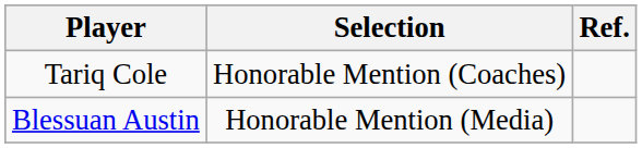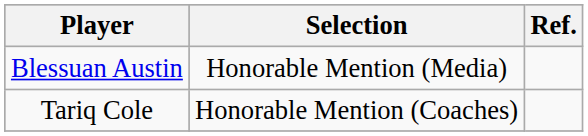 <table class="wikitable sortable sortable" style="text-align: center">
 <tr align=center>
 <th>Player</th>
 <th>Selection</th>
 <th>Ref.</th>
 </tr>
 <tr>
+<td><a href='#'>Blessuan Austin</a></td>
+<td>Honorable Mention (Media)</td>
+<td></td>
+</tr>
+<tr>
 <td>Tariq Cole</td>
 <td>Honorable Mention (Coaches)</td>
 <td></td>
 </tr>
-<tr>
-<td><a href='#'>Blessuan Austin</a></td>
-<td>Honorable Mention (Media)</td>
-<td></td>
-</tr>
 </table>
